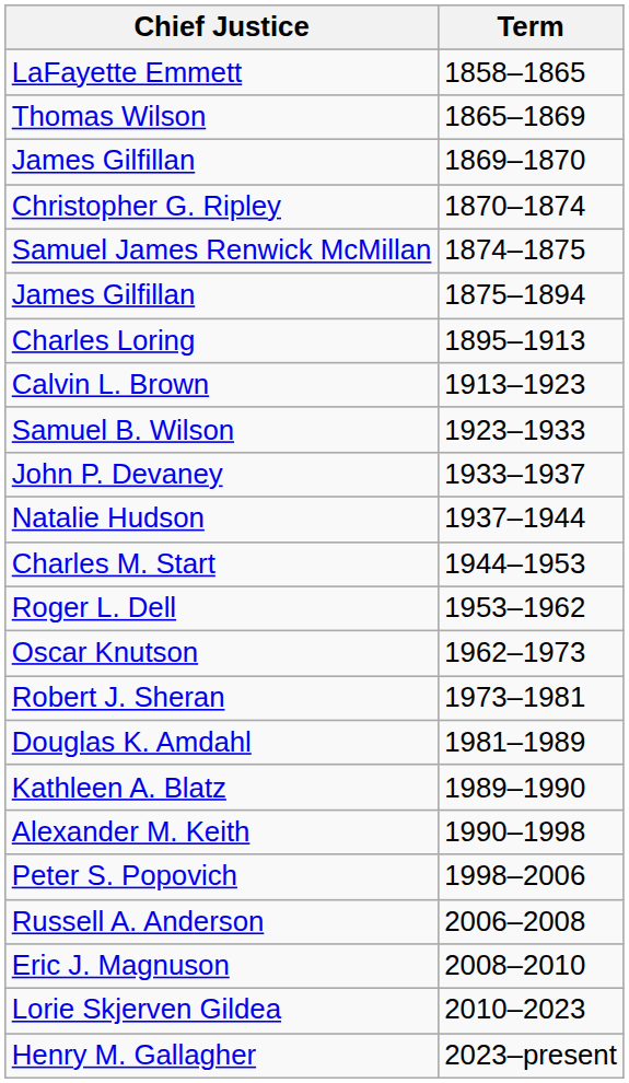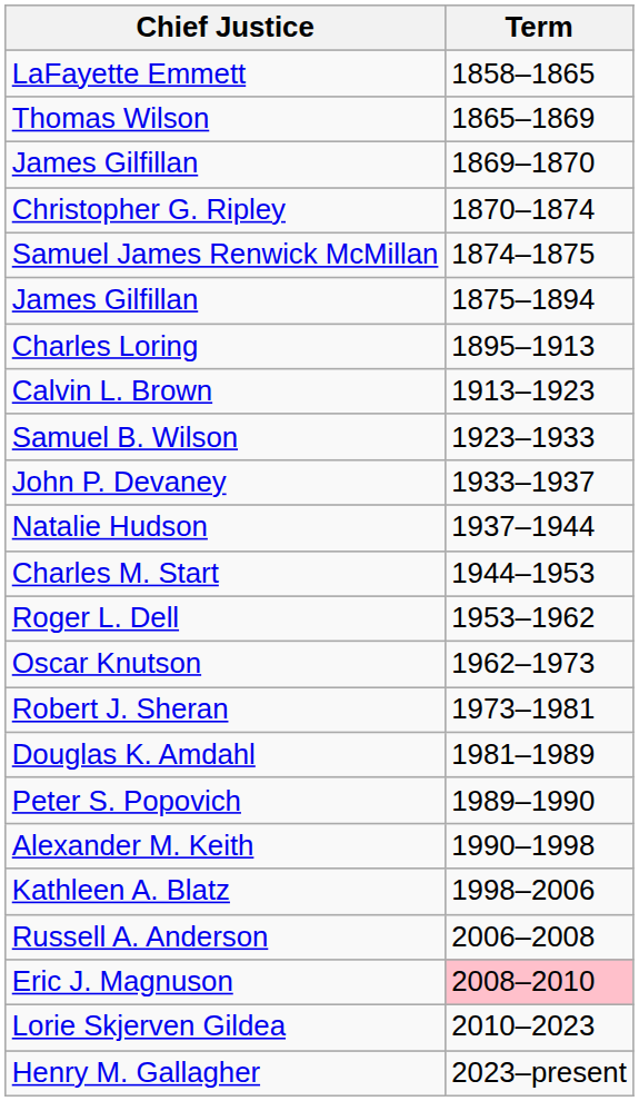 <table class="wikitable sortable">
 <tr>
 <th>Chief Justice</th>
 <th>Term</th>
 </tr>
 <tr>
 <td><a href='#'>LaFayette Emmett</a></td>
 <td>1858–1865</td>
 </tr>
 <tr>
 <td><a href='#'>Thomas Wilson</a></td>
 <td>1865–1869</td>
 </tr>
 <tr>
 <td><a href='#'>James Gilfillan</a></td>
 <td>1869–1870</td>
 </tr>
 <tr>
 <td><a href='#'>Christopher G. Ripley</a></td>
 <td>1870–1874</td>
 </tr>
 <tr>
 <td><a href='#'>Samuel James Renwick McMillan</a></td>
 <td>1874–1875</td>
 </tr>
 <tr>
 <td><a href='#'>James Gilfillan</a></td>
 <td>1875–1894</td>
 </tr>
 <tr>
 <td><a href='#'>Charles Loring</a></td>
 <td>1895–1913</td>
 </tr>
 <tr>
 <td><a href='#'>Calvin L. Brown</a></td>
 <td>1913–1923</td>
 </tr>
 <tr>
 <td><a href='#'>Samuel B. Wilson</a></td>
 <td>1923–1933</td>
 </tr>
 <tr>
 <td><a href='#'>John P. Devaney</a></td>
 <td>1933–1937</td>
 </tr>
 <tr>
 <td><a href='#'>Natalie Hudson</a></td>
 <td>1937–1944</td>
 </tr>
 <tr>
 <td><a href='#'>Charles M. Start</a></td>
 <td>1944–1953</td>
 </tr>
 <tr>
 <td><a href='#'>Roger L. Dell</a></td>
 <td>1953–1962</td>
 </tr>
 <tr>
 <td><a href='#'>Oscar Knutson</a></td>
 <td>1962–1973</td>
 </tr>
 <tr>
 <td><a href='#'>Robert J. Sheran</a></td>
 <td>1973–1981</td>
 </tr>
 <tr>
 <td><a href='#'>Douglas K. Amdahl</a></td>
 <td>1981–1989</td>
 </tr>
 <tr>
-<td><a href='#'>Kathleen A. Blatz</a></td>
+<td><a href='#'>Peter S. Popovich</a></td>
 <td>1989–1990</td>
 </tr>
 <tr>
 <td><a href='#'>Alexander M. Keith</a></td>
 <td>1990–1998</td>
 </tr>
 <tr>
-<td><a href='#'>Peter S. Popovich</a></td>
+<td><a href='#'>Kathleen A. Blatz</a></td>
 <td>1998–2006</td>
 </tr>
 <tr>
 <td><a href='#'>Russell A. Anderson</a></td>
 <td>2006–2008</td>
 </tr>
 <tr>
 <td><a href='#'>Eric J. Magnuson</a></td>
-<td>2008–2010</td>
+<td style="background: pink;">2008–2010</td>
 </tr>
 <tr>
 <td><a href='#'>Lorie Skjerven Gildea</a></td>
 <td>2010–2023</td>
 </tr>
 <tr>
 <td><a href='#'>Henry M. Gallagher</a></td>
 <td>2023–present</td>
 </tr>
 </table>
